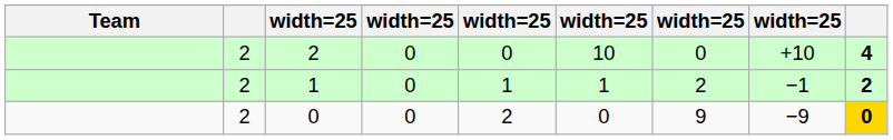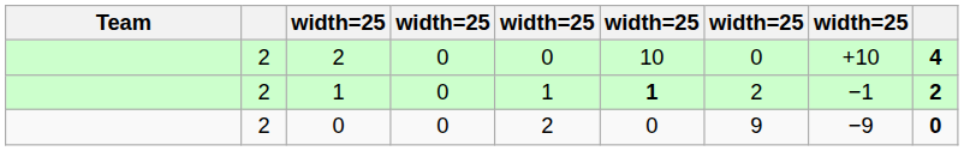 <table class="wikitable" style="text-align: center;">
 <tr>
 <th style="width:165px;">Team</th>
 <th width=25></th>
 <th>width=25</th>
 <th>width=25</th>
 <th>width=25</th>
 <th>width=25</th>
 <th>width=25</th>
 <th>width=25</th>
 <th width=25></th>
 </tr>
 <tr style="background:#cfc;">
 <td align="left"></td>
 <td>2</td>
 <td>2</td>
 <td>0</td>
 <td>0</td>
 <td>10</td>
 <td>0</td>
 <td>+10</td>
 <td><strong>4</strong></td>
 </tr>
 <tr style="background:#cfc;">
 <td align="left"></td>
 <td>2</td>
 <td>1</td>
 <td>0</td>
 <td>1</td>
-<td>1</td>
+<td><strong>1</strong></td>
 <td>2</td>
 <td>−1</td>
 <td><strong>2</strong></td>
 </tr>
 <tr>
 <td align="left"></td>
 <td>2</td>
 <td>0</td>
 <td>0</td>
 <td>2</td>
 <td>0</td>
 <td>9</td>
 <td>−9</td>
-<td style="background: gold;"><strong>0</strong></td>
+<td><strong>0</strong></td>
 </tr>
 </table>
